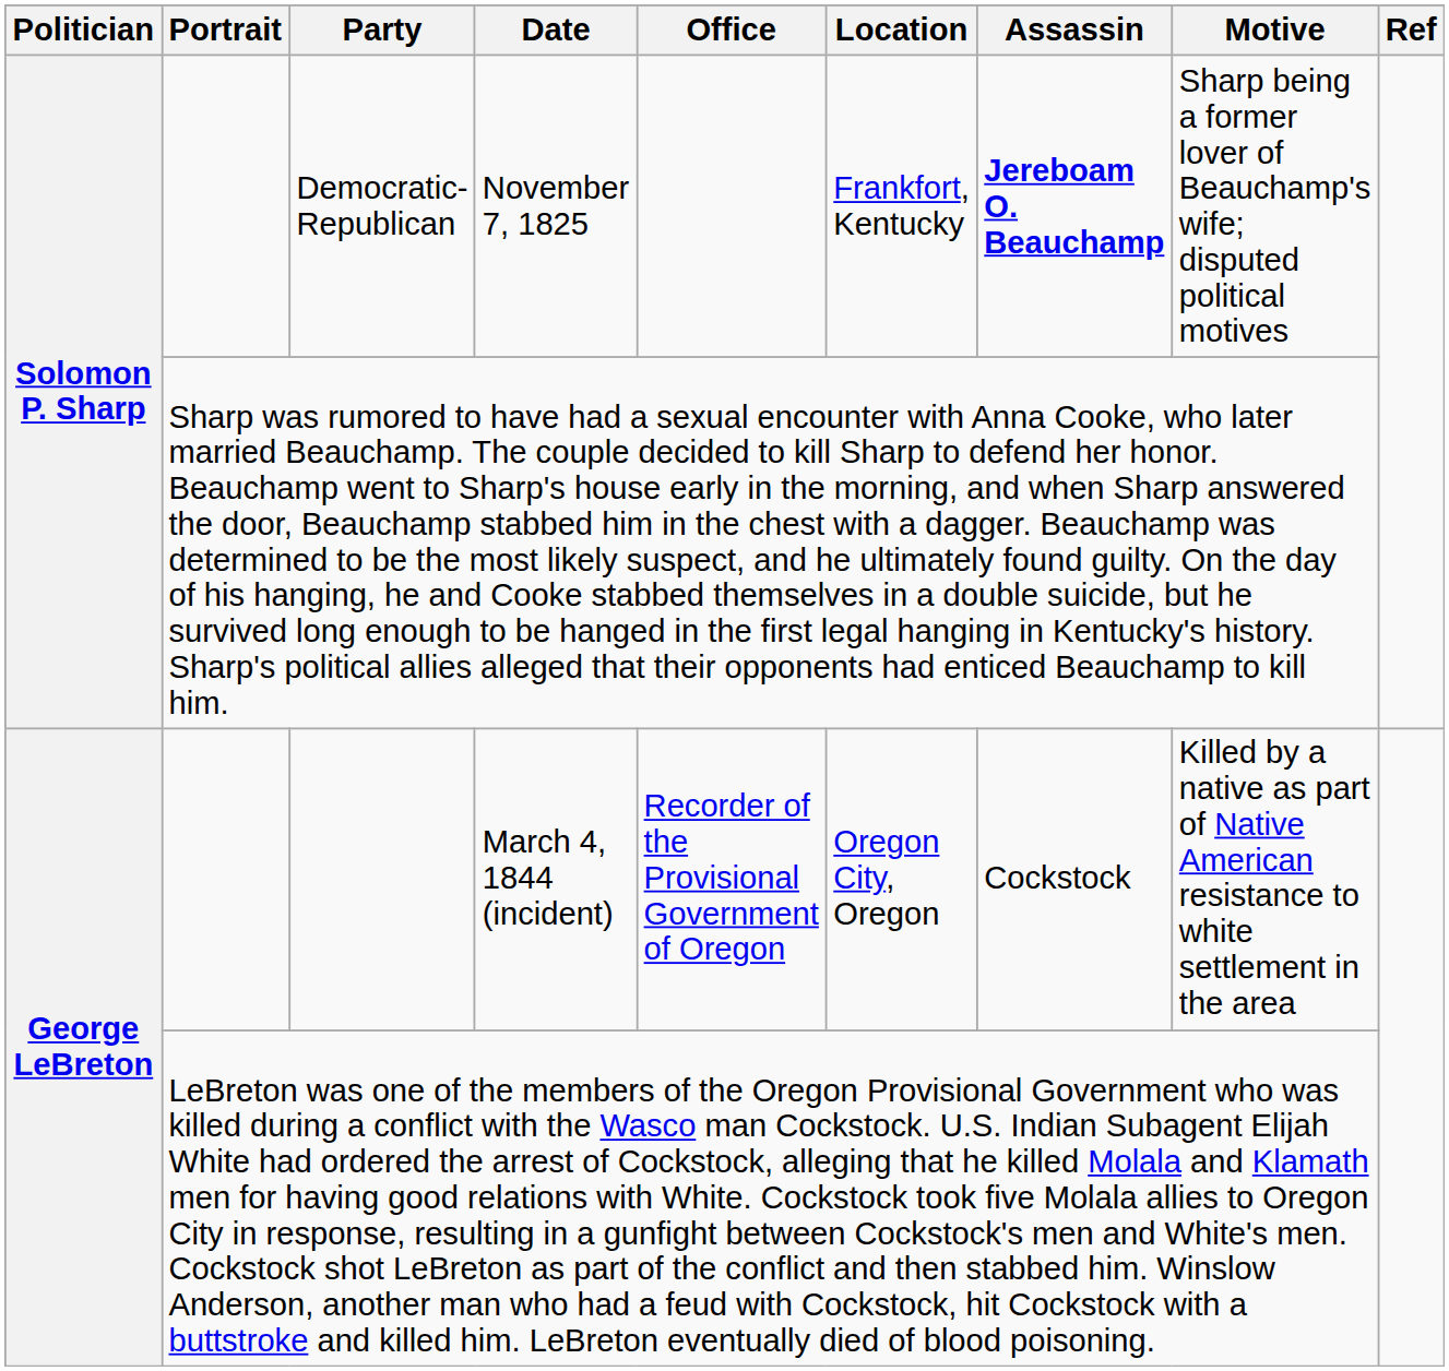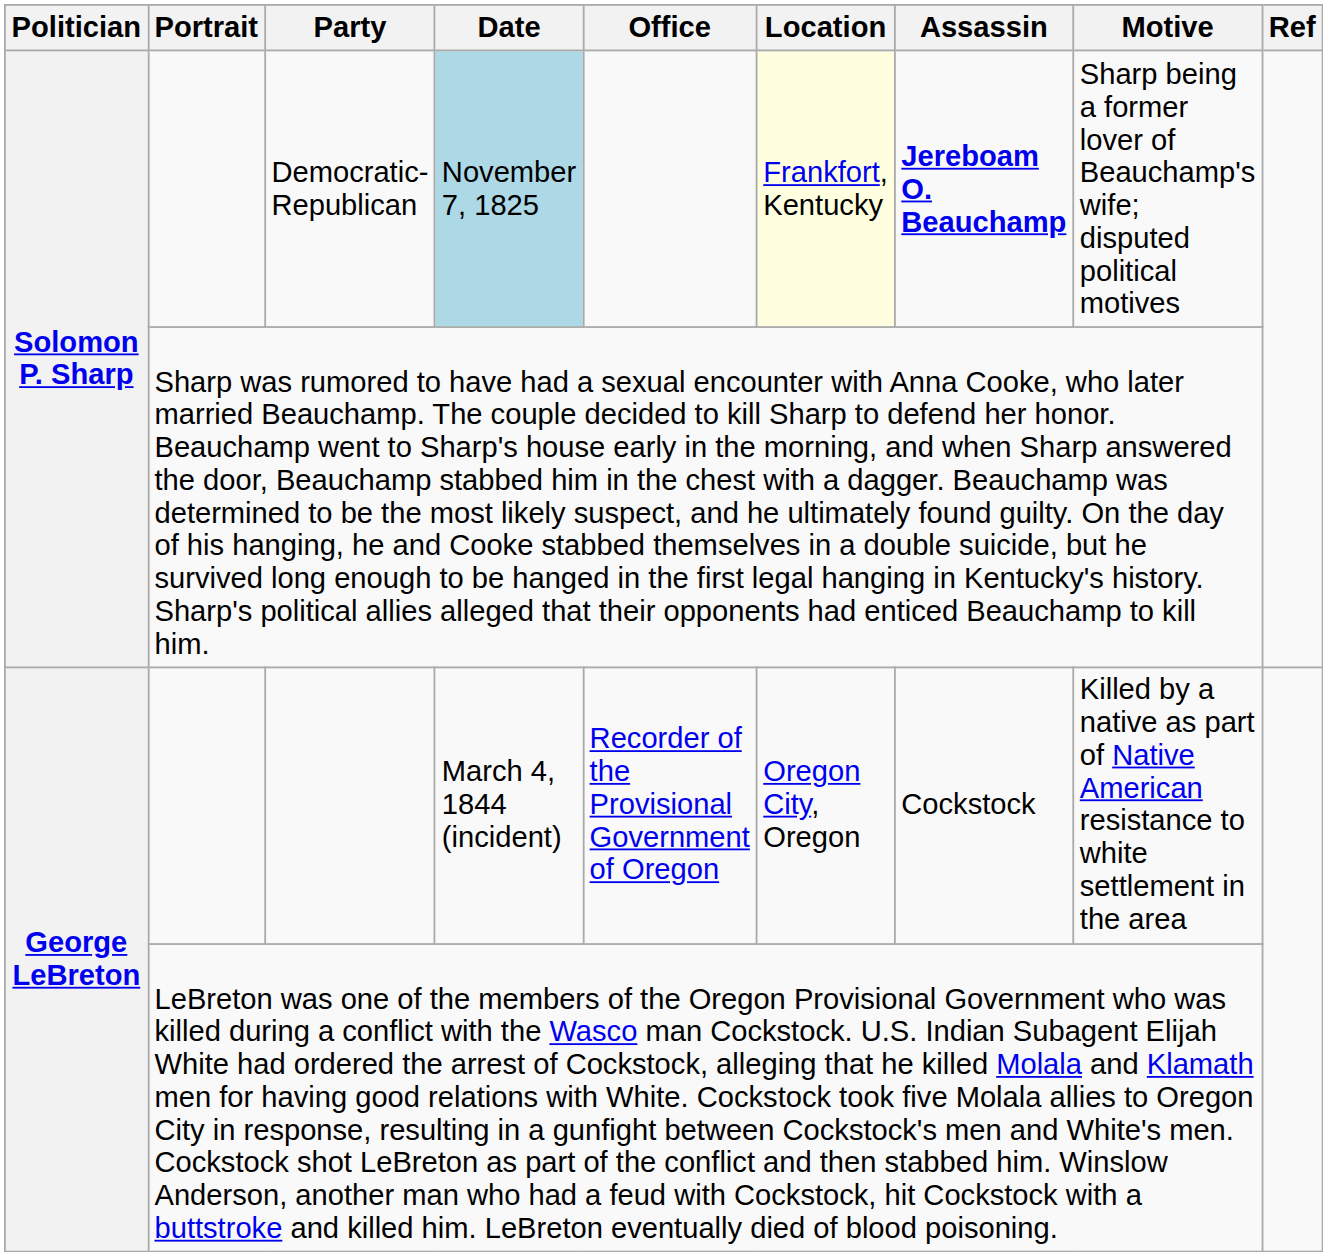 <table class="wikitable" style="width:100%;">
 <tr>
 <th>Politician</th>
 <th>Portrait</th>
 <th>Party</th>
 <th>Date</th>
 <th>Office</th>
 <th>Location</th>
 <th>Assassin</th>
 <th>Motive</th>
 <th>Ref</th>
 </tr>
 <tr>
 <th rowspan="2"><a href='#'>Solomon P. Sharp</a></th>
 <td></td>
 <td>Democratic-Republican</td>
-<td>November 7, 1825</td>
+<td style="background: lightblue;">November 7, 1825</td>
 <td></td>
-<td><a href='#'>Frankfort</a>, Kentucky</td>
+<td style="background: lightyellow;"><a href='#'>Frankfort</a>, Kentucky</td>
 <td><strong><a href='#'>Jereboam O. Beauchamp</a></strong></td>
 <td>Sharp being a former lover of Beauchamp's wife; disputed political motives</td>
 <td rowspan="2"></td>
 </tr>
 <tr class="expand-child">
 <td colspan="7"><br>Sharp was rumored to have had a sexual encounter with Anna Cooke, who later married Beauchamp. The couple decided to kill Sharp to defend her honor. Beauchamp went to Sharp's house early in the morning, and when Sharp answered the door, Beauchamp stabbed him in the chest with a dagger. Beauchamp was determined to be the most likely suspect, and he ultimately found guilty. On the day of his hanging, he and Cooke stabbed themselves in a double suicide, but he survived long enough to be hanged in the first legal hanging in Kentucky's history. Sharp's political allies alleged that their opponents had enticed Beauchamp to kill him.</td>
 </tr>
 <tr>
 <th rowspan="2"><a href='#'>George LeBreton</a></th>
 <td></td>
 <td></td>
 <td>March 4, 1844 (incident)</td>
 <td><a href='#'>Recorder of the Provisional Government of Oregon</a></td>
 <td><a href='#'>Oregon City</a>, Oregon</td>
 <td>Cockstock</td>
 <td>Killed by a native as part of <a href='#'>Native American</a> resistance to white settlement in the area</td>
 <td rowspan="2"></td>
 </tr>
 <tr class="expand-child">
 <td colspan="7"><br>LeBreton was one of the members of the Oregon Provisional Government who was killed during a conflict with the <a href='#'>Wasco</a> man Cockstock. U.S. Indian Subagent Elijah White had ordered the arrest of Cockstock, alleging that he killed <a href='#'>Molala</a> and <a href='#'>Klamath</a> men for having good relations with White. Cockstock took five Molala allies to Oregon City in response, resulting in a gunfight between Cockstock's men and White's men. Cockstock shot LeBreton as part of the conflict and then stabbed him. Winslow Anderson, another man who had a feud with Cockstock, hit Cockstock with a <a href='#'>buttstroke</a> and killed him. LeBreton eventually died of blood poisoning.</td>
 </tr>
 </table>
